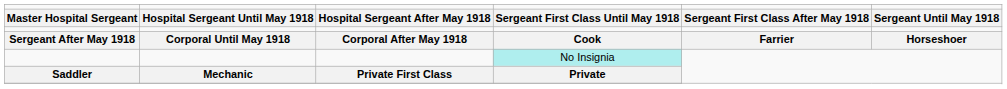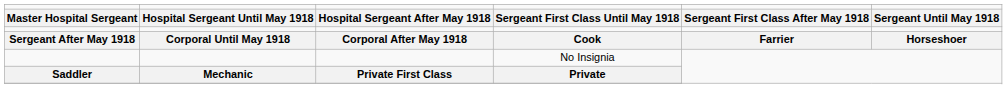 <table class="wikitable" style="text-align:center">
 <tr>
 <td></td>
 <td></td>
 <td></td>
 <td></td>
 <td></td>
 <td></td>
 </tr>
 <tr>
 <th>Master Hospital Sergeant</th>
 <th>Hospital Sergeant Until May 1918</th>
 <th>Hospital Sergeant After May 1918</th>
 <th>Sergeant First Class Until May 1918</th>
 <th>Sergeant First Class After May 1918</th>
 <th>Sergeant Until May 1918</th>
 </tr>
 <tr>
 <td></td>
 <td></td>
 <td></td>
 <td></td>
 <td></td>
 <td></td>
 </tr>
 <tr>
 <th>Sergeant After May 1918</th>
 <th>Corporal  Until May 1918</th>
 <th>Corporal After May 1918</th>
 <th>Cook</th>
 <th>Farrier</th>
 <th>Horseshoer</th>
 </tr>
 <tr>
 <td></td>
 <td></td>
 <td></td>
-<td style="background: paleturquoise;">No Insignia</td>
+<td>No Insignia</td>
 </tr>
 <tr>
 <th>Saddler</th>
 <th>Mechanic</th>
 <th>Private First Class</th>
 <th>Private</th>
 </tr>
 <tr>
 </tr>
 </table>
